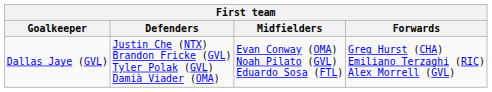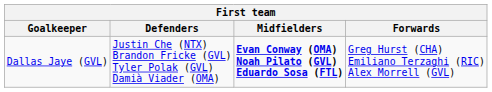 <table class="wikitable">
 <tr>
 <th colspan="4">First team</th>
 </tr>
 <tr>
 <th>Goalkeeper</th>
 <th>Defenders</th>
 <th>Midfielders</th>
 <th>Forwards</th>
 </tr>
 <tr>
 <td> <a href='#'>Dallas Jaye</a> (<a href='#'>GVL</a>)</td>
 <td> <a href='#'>Justin Che</a> (<a href='#'>NTX</a>)<br> <a href='#'>Brandon Fricke</a> (<a href='#'>GVL</a>)<br> <a href='#'>Tyler Polak</a> (<a href='#'>GVL</a>)<br> <a href='#'>Damià Viader</a> (<a href='#'>OMA</a>)</td>
-<td> <a href='#'>Evan Conway</a> (<a href='#'>OMA</a>)<br> <a href='#'>Noah Pilato</a> (<a href='#'>GVL</a>)<br> <a href='#'>Eduardo Sosa</a> (<a href='#'>FTL</a>)</td>
+<td><strong> <a href='#'>Evan Conway</a> (<a href='#'>OMA</a>)<br> <a href='#'>Noah Pilato</a> (<a href='#'>GVL</a>)<br> <a href='#'>Eduardo Sosa</a> (<a href='#'>FTL</a>)</strong></td>
 <td> <a href='#'>Greg Hurst</a> (<a href='#'>CHA</a>)<br> <a href='#'>Emiliano Terzaghi</a> (<a href='#'>RIC</a>)<br> <a href='#'>Alex Morrell</a> (<a href='#'>GVL</a>)</td>
 </tr>
 </table>
